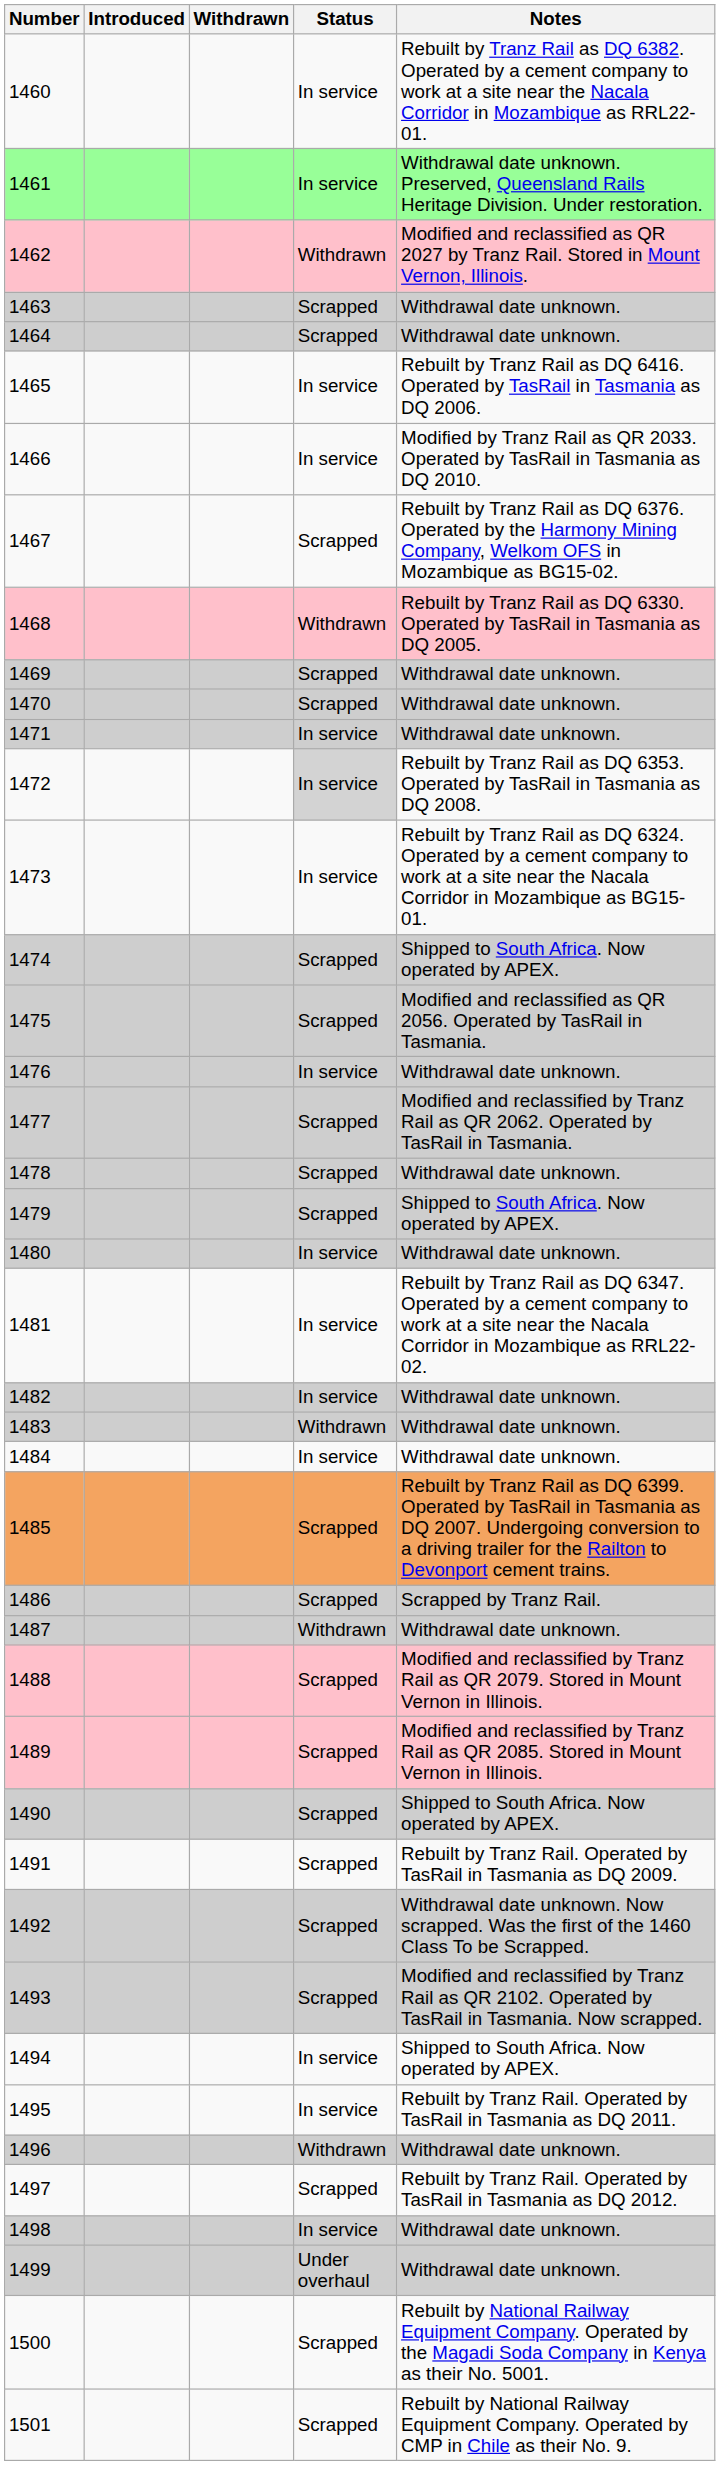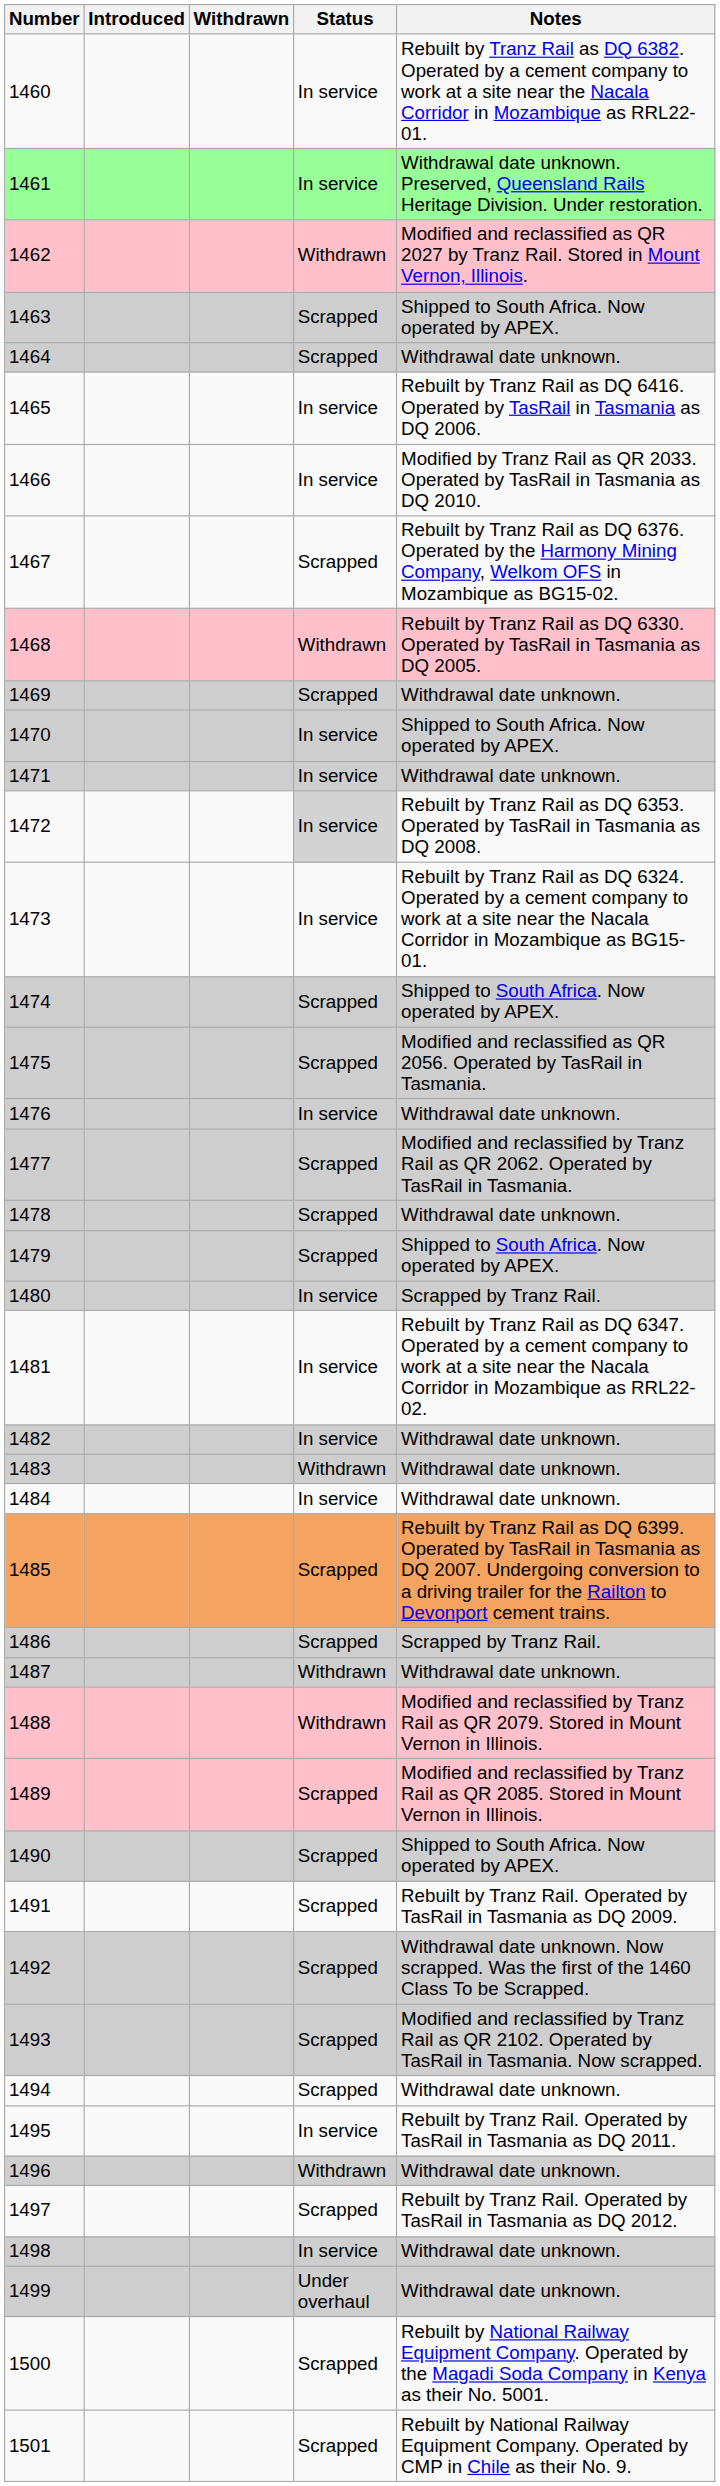 <table class="sortable wikitable" border="1">
 <tr>
 <th>Number</th>
 <th>Introduced</th>
 <th>Withdrawn</th>
 <th>Status</th>
 <th>Notes</th>
 </tr>
 <tr>
 <td>1460</td>
 <td></td>
 <td></td>
 <td>In service</td>
 <td>Rebuilt by <a href='#'>Tranz Rail</a> as <a href='#'>DQ 6382</a>. Operated by a cement company to work at a site near the <a href='#'>Nacala Corridor</a> in <a href='#'>Mozambique</a> as RRL22-01.</td>
 </tr>
 <tr style="background:#98ff98;">
 <td>1461</td>
 <td></td>
 <td></td>
 <td>In service</td>
 <td>Withdrawal date unknown. Preserved, <a href='#'>Queensland Rails</a> Heritage Division. Under restoration.</td>
 </tr>
 <tr style="background:#ffc0cb;">
 <td>1462</td>
 <td></td>
 <td></td>
 <td>Withdrawn</td>
 <td>Modified and reclassified as QR 2027 by Tranz Rail. Stored in <a href='#'>Mount Vernon, Illinois</a>.</td>
 </tr>
 <tr style="background:#cecece;">
 <td>1463</td>
 <td></td>
 <td></td>
 <td>Scrapped</td>
-<td>Withdrawal date unknown.</td>
+<td>Shipped to South Africa. Now operated by APEX.</td>
 </tr>
 <tr style="background:#cecece;">
 <td>1464</td>
 <td></td>
 <td></td>
 <td>Scrapped</td>
 <td>Withdrawal date unknown.</td>
 </tr>
 <tr>
 <td>1465</td>
 <td></td>
 <td></td>
 <td>In service</td>
 <td>Rebuilt by Tranz Rail as DQ 6416. Operated by <a href='#'>TasRail</a> in <a href='#'>Tasmania</a> as DQ 2006.</td>
 </tr>
 <tr>
 <td>1466</td>
 <td></td>
 <td></td>
 <td>In service</td>
 <td>Modified by Tranz Rail as QR 2033. Operated by TasRail in Tasmania as DQ 2010.</td>
 </tr>
 <tr>
 <td>1467</td>
 <td></td>
 <td></td>
 <td>Scrapped</td>
 <td>Rebuilt by Tranz Rail as DQ 6376. Operated by the <a href='#'>Harmony Mining Company</a>, <a href='#'>Welkom OFS</a> in Mozambique as BG15-02.</td>
 </tr>
 <tr style="background:#ffc0cb;">
 <td>1468</td>
 <td></td>
 <td></td>
 <td>Withdrawn</td>
 <td>Rebuilt by Tranz Rail as DQ 6330. Operated by TasRail in Tasmania as DQ 2005.</td>
 </tr>
 <tr style="background:#cecece;">
 <td>1469</td>
 <td></td>
 <td></td>
 <td>Scrapped</td>
 <td>Withdrawal date unknown.</td>
 </tr>
 <tr style="background:#cecece;">
 <td>1470</td>
 <td></td>
 <td></td>
-<td>Scrapped</td>
-<td>Withdrawal date unknown.</td>
+<td>In service</td>
+<td>Shipped to South Africa. Now operated by APEX.</td>
 </tr>
 <tr style="background:#cecece;">
 <td>1471</td>
 <td></td>
 <td></td>
 <td>In service</td>
 <td>Withdrawal date unknown.</td>
 </tr>
 <tr>
 <td>1472</td>
 <td></td>
 <td></td>
 <td style="background: lightgrey;">In service</td>
 <td>Rebuilt by Tranz Rail as DQ 6353. Operated by TasRail in Tasmania as DQ 2008.</td>
 </tr>
 <tr>
 <td>1473</td>
 <td></td>
 <td></td>
 <td>In service</td>
 <td>Rebuilt by Tranz Rail as DQ 6324. Operated by a cement company to work at a site near the Nacala Corridor in Mozambique as BG15-01.</td>
 </tr>
 <tr style="background:#cecece;">
 <td>1474</td>
 <td></td>
 <td></td>
 <td>Scrapped</td>
 <td>Shipped to <a href='#'>South Africa</a>. Now operated by APEX.</td>
 </tr>
 <tr style="background:#cecece;">
 <td>1475</td>
 <td></td>
 <td></td>
 <td>Scrapped</td>
 <td>Modified and reclassified as QR 2056. Operated by TasRail in Tasmania.</td>
 </tr>
 <tr style="background:#cecece;">
 <td>1476</td>
 <td></td>
 <td></td>
 <td>In service</td>
 <td>Withdrawal date unknown.</td>
 </tr>
 <tr style="background:#cecece;">
 <td>1477</td>
 <td></td>
 <td></td>
 <td>Scrapped</td>
 <td>Modified and reclassified by Tranz Rail as QR 2062. Operated by TasRail in Tasmania.</td>
 </tr>
 <tr style="background:#cecece;">
 <td>1478</td>
 <td></td>
 <td></td>
 <td>Scrapped</td>
 <td>Withdrawal date unknown.</td>
 </tr>
 <tr style="background:#cecece;">
 <td>1479</td>
 <td></td>
 <td></td>
 <td>Scrapped</td>
 <td>Shipped to <a href='#'>South Africa</a>. Now operated by APEX.</td>
 </tr>
 <tr style="background:#cecece;">
 <td>1480</td>
 <td></td>
 <td></td>
 <td>In service</td>
-<td>Withdrawal date unknown.</td>
+<td>Scrapped by Tranz Rail.</td>
 </tr>
 <tr>
 <td>1481</td>
 <td></td>
 <td></td>
 <td>In service</td>
 <td>Rebuilt by Tranz Rail as DQ 6347. Operated by a cement company to work at a site near the Nacala Corridor in Mozambique as RRL22-02.</td>
 </tr>
 <tr style="background:#cecece;">
 <td>1482</td>
 <td></td>
 <td></td>
 <td>In service</td>
 <td>Withdrawal date unknown.</td>
 </tr>
 <tr style="background:#cecece;">
 <td>1483</td>
 <td></td>
 <td></td>
 <td>Withdrawn</td>
 <td>Withdrawal date unknown.</td>
 </tr>
 <tr>
 <td>1484</td>
 <td></td>
 <td></td>
 <td>In service</td>
 <td>Withdrawal date unknown.</td>
 </tr>
 <tr style="background:#f4a460">
 <td>1485</td>
 <td></td>
 <td></td>
 <td>Scrapped</td>
 <td>Rebuilt by Tranz Rail as DQ 6399. Operated by TasRail in Tasmania as DQ 2007. Undergoing conversion to a driving trailer for the <a href='#'>Railton</a> to <a href='#'>Devonport</a> cement trains.</td>
 </tr>
 <tr style="background:#cecece;">
 <td>1486</td>
 <td></td>
 <td></td>
 <td>Scrapped</td>
 <td>Scrapped by Tranz Rail.</td>
 </tr>
 <tr style="background:#cecece;">
 <td>1487</td>
 <td></td>
 <td></td>
 <td>Withdrawn</td>
 <td>Withdrawal date unknown.</td>
 </tr>
 <tr style="background:#ffc0cb;">
 <td>1488</td>
 <td></td>
 <td></td>
-<td>Scrapped</td>
+<td>Withdrawn</td>
 <td>Modified and reclassified by Tranz Rail as QR 2079. Stored in Mount Vernon in Illinois.</td>
 </tr>
 <tr style="background:#ffc0cb;">
 <td>1489</td>
 <td></td>
 <td></td>
 <td>Scrapped</td>
 <td>Modified and reclassified by Tranz Rail as QR 2085. Stored in Mount Vernon in Illinois.</td>
 </tr>
 <tr style="background:#cecece;">
 <td>1490</td>
 <td></td>
 <td></td>
 <td>Scrapped</td>
 <td>Shipped to South Africa. Now operated by APEX.</td>
 </tr>
 <tr>
 <td>1491</td>
 <td></td>
 <td></td>
 <td>Scrapped</td>
 <td>Rebuilt by Tranz Rail. Operated by TasRail in Tasmania as DQ 2009.</td>
 </tr>
 <tr style="background:#cecece;">
 <td>1492</td>
 <td></td>
 <td></td>
 <td>Scrapped</td>
 <td>Withdrawal date unknown. Now scrapped. Was the first of the 1460 Class To be Scrapped.</td>
 </tr>
 <tr style="background:#cecece;">
 <td>1493</td>
 <td></td>
 <td></td>
 <td>Scrapped</td>
 <td>Modified and reclassified by Tranz Rail as QR 2102. Operated by TasRail in Tasmania. Now scrapped.</td>
 </tr>
 <tr>
 <td>1494</td>
 <td></td>
 <td></td>
-<td>In service</td>
-<td>Shipped to South Africa. Now operated by APEX.</td>
+<td>Scrapped</td>
+<td>Withdrawal date unknown.</td>
 </tr>
 <tr>
 <td>1495</td>
 <td></td>
 <td></td>
 <td>In service</td>
 <td>Rebuilt by Tranz Rail. Operated by TasRail in Tasmania as DQ 2011.</td>
 </tr>
 <tr style="background:#cecece;">
 <td>1496</td>
 <td></td>
 <td></td>
 <td>Withdrawn</td>
 <td>Withdrawal date unknown.</td>
 </tr>
 <tr>
 <td>1497</td>
 <td></td>
 <td></td>
 <td>Scrapped</td>
 <td>Rebuilt by Tranz Rail. Operated by TasRail in Tasmania as DQ 2012.</td>
 </tr>
 <tr style="background:#cecece;">
 <td>1498</td>
 <td></td>
 <td></td>
 <td>In service</td>
 <td>Withdrawal date unknown.</td>
 </tr>
 <tr style="background:#cecece;">
 <td>1499</td>
 <td></td>
 <td></td>
 <td>Under overhaul</td>
 <td>Withdrawal date unknown.</td>
 </tr>
 <tr>
 <td>1500</td>
 <td></td>
 <td></td>
 <td>Scrapped</td>
 <td>Rebuilt by <a href='#'>National Railway Equipment Company</a>. Operated by the <a href='#'>Magadi Soda Company</a> in <a href='#'>Kenya</a> as their No. 5001.</td>
 </tr>
 <tr>
 <td>1501</td>
 <td></td>
 <td></td>
 <td>Scrapped</td>
 <td>Rebuilt by National Railway Equipment Company. Operated by CMP in <a href='#'>Chile</a> as their No. 9.</td>
 </tr>
 </table>
